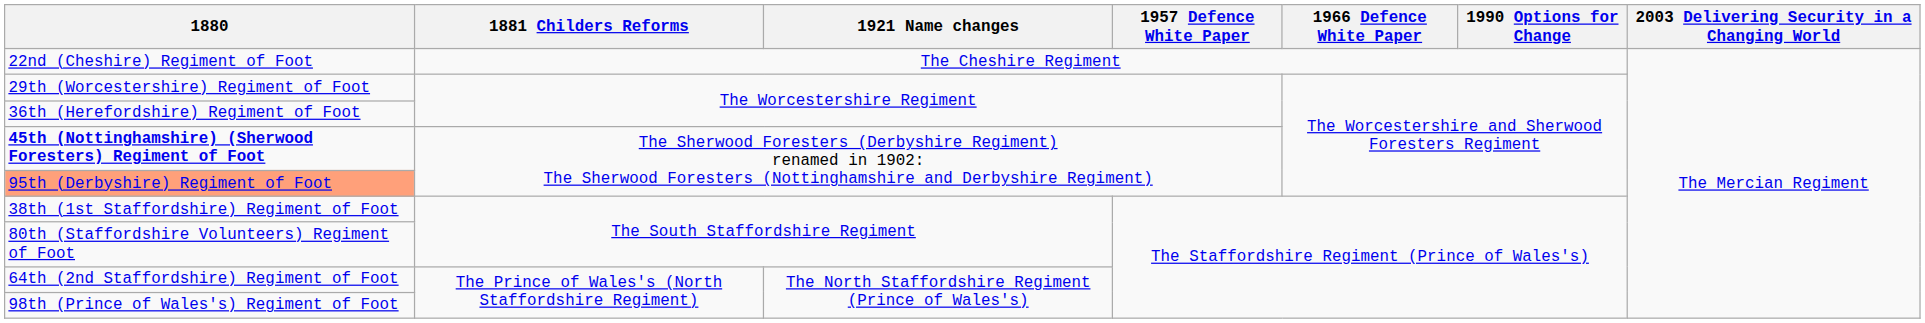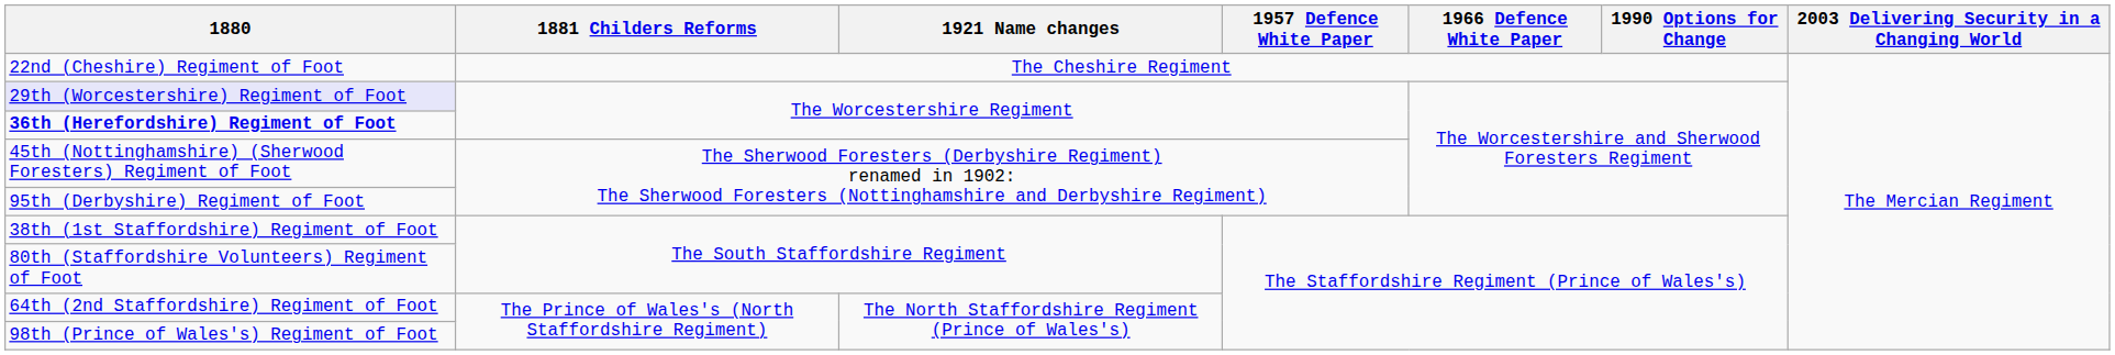 <table class="wikitable">
 <tr>
 <th>1880</th>
 <th>1881 <a href='#'>Childers Reforms</a></th>
 <th>1921 Name changes</th>
 <th>1957 <a href='#'>Defence White Paper</a></th>
 <th>1966 <a href='#'>Defence White Paper</a></th>
 <th>1990 <a href='#'>Options for Change</a></th>
 <th>2003 <a href='#'>Delivering Security in a Changing World</a></th>
 </tr>
 <tr>
 <td><a href='#'>22nd (Cheshire) Regiment of Foot</a></td>
 <td colspan="5" style="text-align:center;"><a href='#'>The Cheshire Regiment</a></td>
 <td rowspan="9" style="text-align:center;"><a href='#'>The Mercian Regiment</a></td>
 </tr>
 <tr>
-<td><a href='#'>29th (Worcestershire) Regiment of Foot</a></td>
+<td style="background: lavender;"><a href='#'>29th (Worcestershire) Regiment of Foot</a></td>
 <td rowspan="2" colspan="3" style="text-align: center;"><a href='#'>The Worcestershire Regiment</a></td>
 <td rowspan="4" colspan="2" style="text-align: center;"><a href='#'>The Worcestershire and Sherwood Foresters Regiment</a></td>
 </tr>
 <tr>
-<td><a href='#'>36th (Herefordshire) Regiment of Foot</a></td>
+<td><strong><a href='#'>36th (Herefordshire) Regiment of Foot</a></strong></td>
 </tr>
 <tr>
-<td><strong><a href='#'>45th (Nottinghamshire) (Sherwood Foresters) Regiment of Foot</a></strong></td>
+<td><a href='#'>45th (Nottinghamshire) (Sherwood Foresters) Regiment of Foot</a></td>
 <td rowspan="2" colspan="3" style="text-align: center;"><a href='#'>The Sherwood Foresters (Derbyshire Regiment)</a><br>renamed in 1902:<br><a href='#'>The Sherwood Foresters (Nottinghamshire and Derbyshire Regiment)</a></td>
 </tr>
 <tr>
-<td style="background: lightsalmon;"><a href='#'>95th (Derbyshire) Regiment of Foot</a></td>
+<td><a href='#'>95th (Derbyshire) Regiment of Foot</a></td>
 </tr>
 <tr>
 <td><a href='#'>38th (1st Staffordshire) Regiment of Foot</a></td>
 <td rowspan="2" colspan="2" style="text-align: center;"><a href='#'>The South Staffordshire Regiment</a></td>
 <td rowspan="4" colspan="3" style="text-align: center;"><a href='#'>The Staffordshire Regiment (Prince of Wales's)</a></td>
 </tr>
 <tr>
 <td><a href='#'>80th (Staffordshire Volunteers) Regiment of Foot</a></td>
 </tr>
 <tr>
 <td><a href='#'>64th (2nd Staffordshire) Regiment of Foot</a></td>
 <td rowspan="2" style="text-align:center;"><a href='#'>The Prince of Wales's (North Staffordshire Regiment)</a></td>
 <td rowspan="2" style="text-align:center;"><a href='#'>The North Staffordshire Regiment (Prince of Wales's)</a></td>
 </tr>
 <tr>
 <td><a href='#'>98th (Prince of Wales's) Regiment of Foot</a></td>
 </tr>
 </table>
